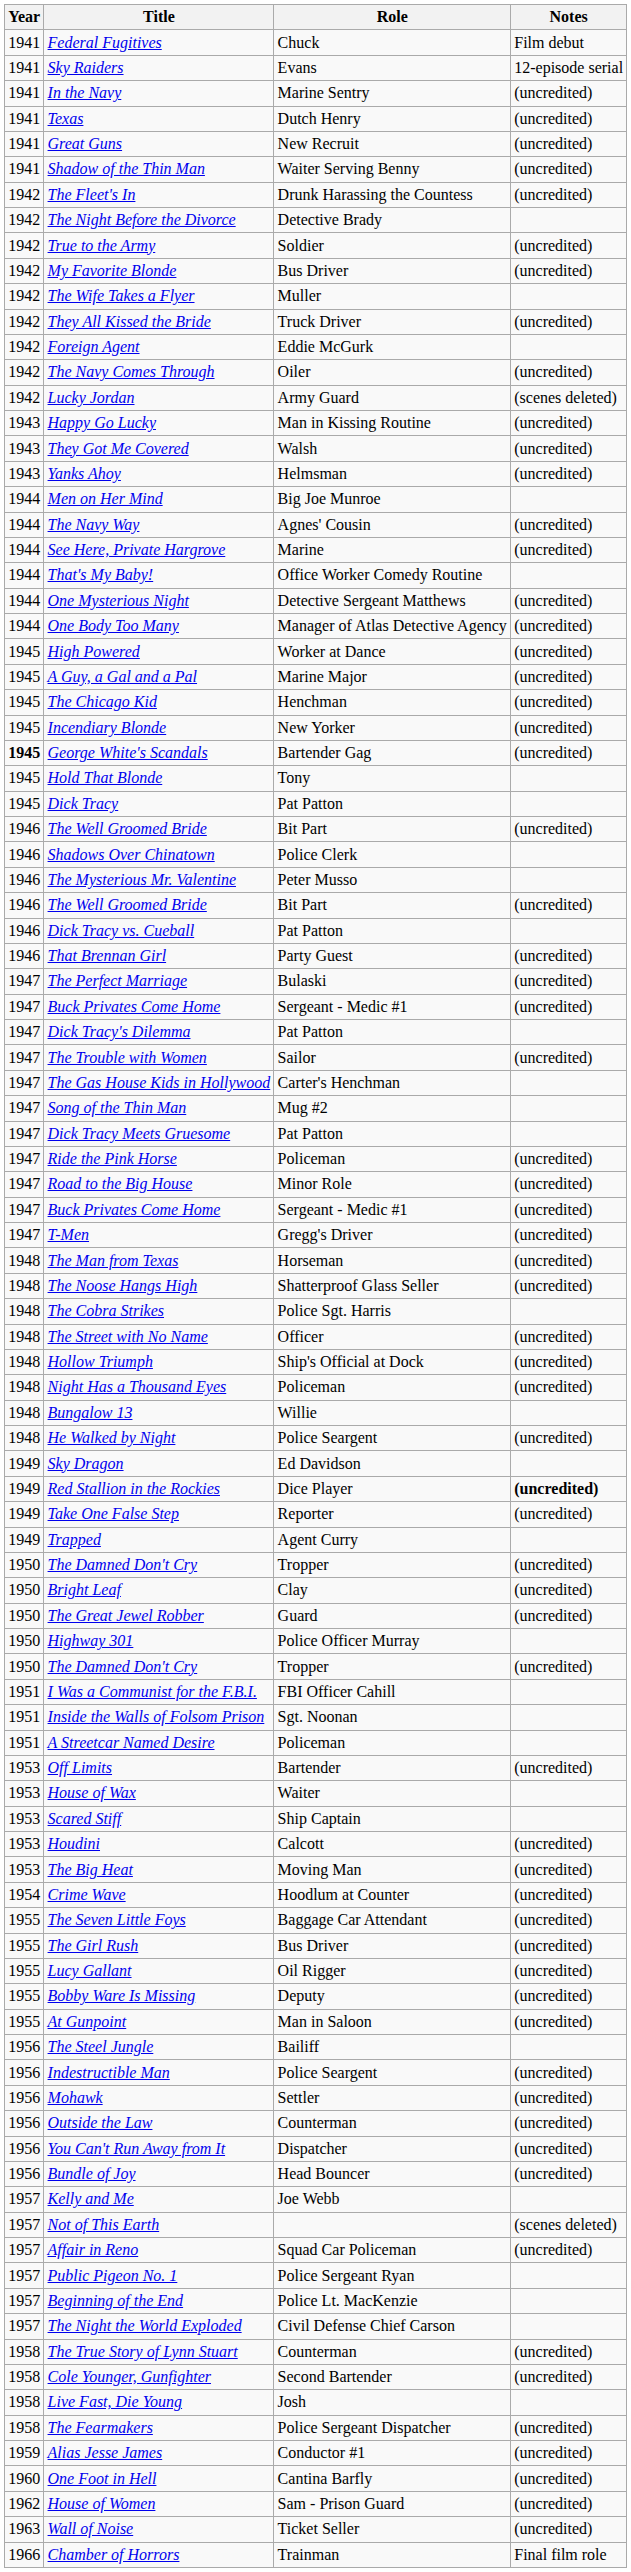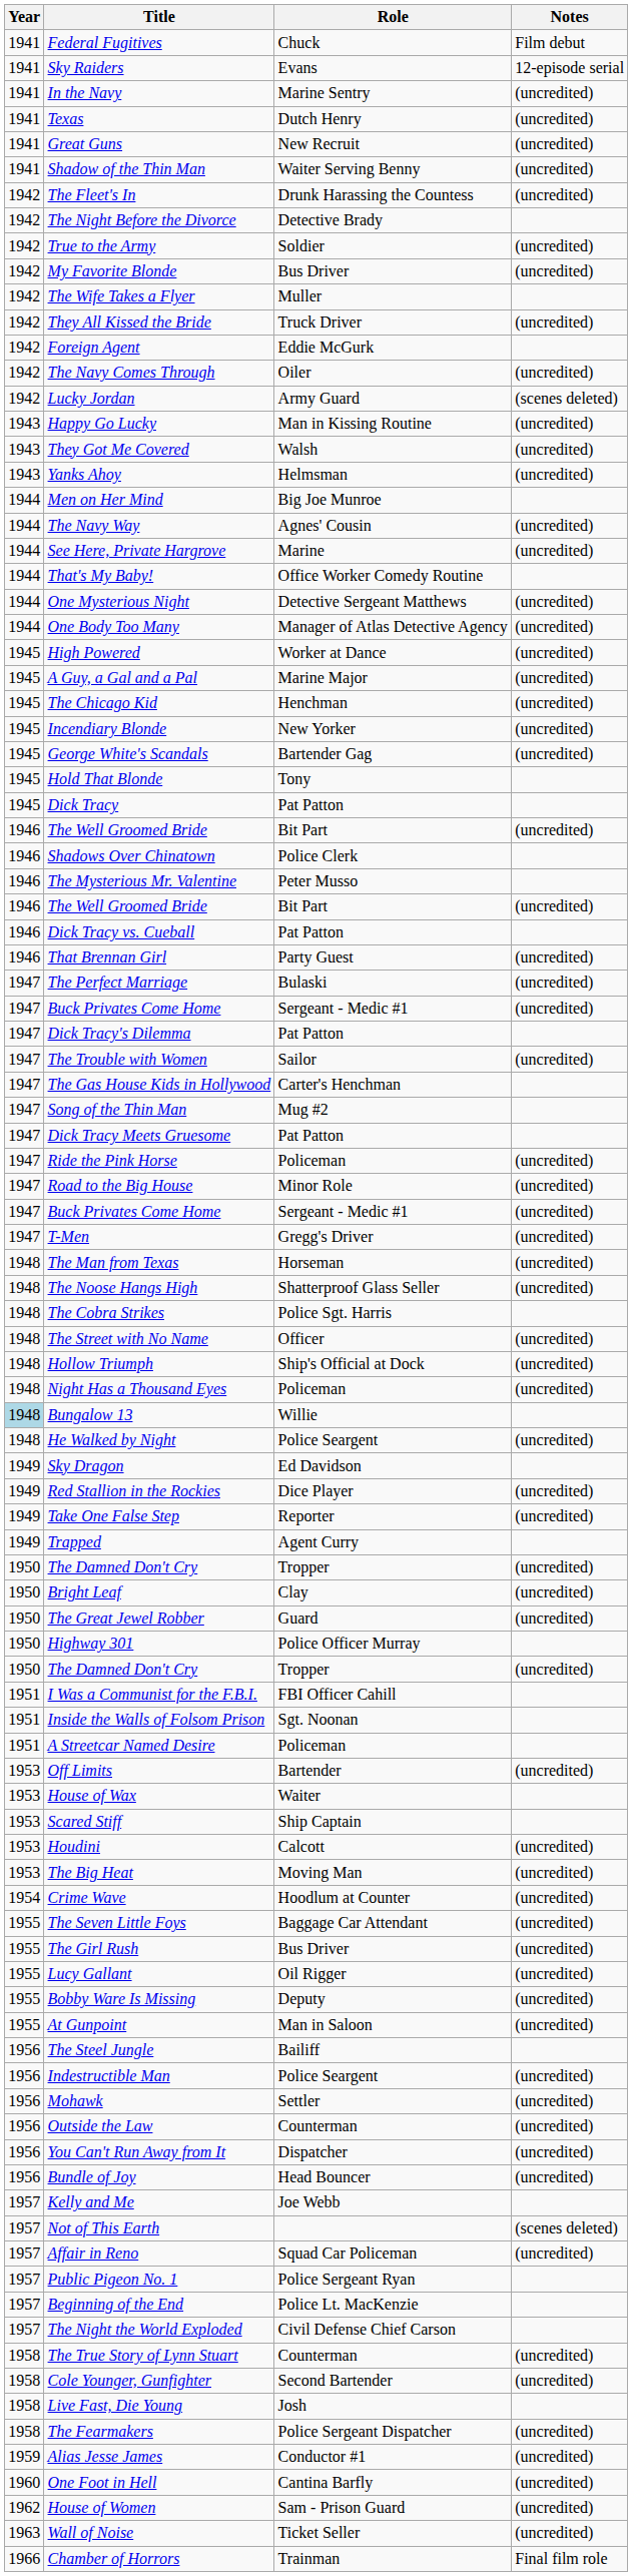 <table class="wikitable sortable">
 <tr>
 <th>Year</th>
 <th>Title</th>
 <th>Role</th>
 <th class="unsortable">Notes</th>
 </tr>
 <tr>
 <td>1941</td>
 <td><em><a href='#'>Federal Fugitives</a></em></td>
 <td>Chuck</td>
 <td>Film debut</td>
 </tr>
 <tr>
 <td>1941</td>
 <td><em><a href='#'>Sky Raiders</a></em></td>
 <td>Evans</td>
 <td>12-episode serial</td>
 </tr>
 <tr>
 <td>1941</td>
 <td><em><a href='#'>In the Navy</a></em></td>
 <td>Marine Sentry</td>
 <td>(uncredited)</td>
 </tr>
 <tr>
 <td>1941</td>
 <td><em><a href='#'>Texas</a></em></td>
 <td>Dutch Henry</td>
 <td>(uncredited)</td>
 </tr>
 <tr>
 <td>1941</td>
 <td><em><a href='#'>Great Guns</a></em></td>
 <td>New Recruit</td>
 <td>(uncredited)</td>
 </tr>
 <tr>
 <td>1941</td>
 <td><em><a href='#'>Shadow of the Thin Man</a></em></td>
 <td>Waiter Serving Benny</td>
 <td>(uncredited)</td>
 </tr>
 <tr>
 <td>1942</td>
 <td><em><a href='#'>The Fleet's In</a></em></td>
 <td>Drunk Harassing the Countess</td>
 <td>(uncredited)</td>
 </tr>
 <tr>
 <td>1942</td>
 <td><em><a href='#'>The Night Before the Divorce</a></em></td>
 <td>Detective Brady</td>
 <td></td>
 </tr>
 <tr>
 <td>1942</td>
 <td><em><a href='#'>True to the Army</a></em></td>
 <td>Soldier</td>
 <td>(uncredited)</td>
 </tr>
 <tr>
 <td>1942</td>
 <td><em><a href='#'>My Favorite Blonde</a></em></td>
 <td>Bus Driver</td>
 <td>(uncredited)</td>
 </tr>
 <tr>
 <td>1942</td>
 <td><em><a href='#'>The Wife Takes a Flyer</a></em></td>
 <td>Muller</td>
 <td></td>
 </tr>
 <tr>
 <td>1942</td>
 <td><em><a href='#'>They All Kissed the Bride</a></em></td>
 <td>Truck Driver</td>
 <td>(uncredited)</td>
 </tr>
 <tr>
 <td>1942</td>
 <td><em><a href='#'>Foreign Agent</a></em></td>
 <td>Eddie McGurk</td>
 <td></td>
 </tr>
 <tr>
 <td>1942</td>
 <td><em><a href='#'>The Navy Comes Through</a></em></td>
 <td>Oiler</td>
 <td>(uncredited)</td>
 </tr>
 <tr>
 <td>1942</td>
 <td><em><a href='#'>Lucky Jordan</a></em></td>
 <td>Army Guard</td>
 <td>(scenes deleted)</td>
 </tr>
 <tr>
 <td>1943</td>
 <td><em><a href='#'>Happy Go Lucky</a></em></td>
 <td>Man in Kissing Routine</td>
 <td>(uncredited)</td>
 </tr>
 <tr>
 <td>1943</td>
 <td><em><a href='#'>They Got Me Covered</a></em></td>
 <td>Walsh</td>
 <td>(uncredited)</td>
 </tr>
 <tr>
 <td>1943</td>
 <td><em><a href='#'>Yanks Ahoy</a></em></td>
 <td>Helmsman</td>
 <td>(uncredited)</td>
 </tr>
 <tr>
 <td>1944</td>
 <td><em><a href='#'>Men on Her Mind</a></em></td>
 <td>Big Joe Munroe</td>
 <td></td>
 </tr>
 <tr>
 <td>1944</td>
 <td><em><a href='#'>The Navy Way</a></em></td>
 <td>Agnes' Cousin</td>
 <td>(uncredited)</td>
 </tr>
 <tr>
 <td>1944</td>
 <td><em><a href='#'>See Here, Private Hargrove</a></em></td>
 <td>Marine</td>
 <td>(uncredited)</td>
 </tr>
 <tr>
 <td>1944</td>
 <td><em><a href='#'>That's My Baby!</a></em></td>
 <td>Office Worker Comedy Routine</td>
 <td></td>
 </tr>
 <tr>
 <td>1944</td>
 <td><em><a href='#'>One Mysterious Night</a></em></td>
 <td>Detective Sergeant Matthews</td>
 <td>(uncredited)</td>
 </tr>
 <tr>
 <td>1944</td>
 <td><em><a href='#'>One Body Too Many</a></em></td>
 <td>Manager of Atlas Detective Agency</td>
 <td>(uncredited)</td>
 </tr>
 <tr>
 <td>1945</td>
 <td><em><a href='#'>High Powered</a></em></td>
 <td>Worker at Dance</td>
 <td>(uncredited)</td>
 </tr>
 <tr>
 <td>1945</td>
 <td><em><a href='#'>A Guy, a Gal and a Pal</a></em></td>
 <td>Marine Major</td>
 <td>(uncredited)</td>
 </tr>
 <tr>
 <td>1945</td>
 <td><em><a href='#'>The Chicago Kid</a></em></td>
 <td>Henchman</td>
 <td>(uncredited)</td>
 </tr>
 <tr>
 <td>1945</td>
 <td><em><a href='#'>Incendiary Blonde</a></em></td>
 <td>New Yorker</td>
 <td>(uncredited)</td>
 </tr>
 <tr>
-<td><strong>1945</strong></td>
+<td>1945</td>
 <td><em><a href='#'>George White's Scandals</a></em></td>
 <td>Bartender Gag</td>
 <td>(uncredited)</td>
 </tr>
 <tr>
 <td>1945</td>
 <td><em><a href='#'>Hold That Blonde</a></em></td>
 <td>Tony</td>
 <td></td>
 </tr>
 <tr>
 <td>1945</td>
 <td><em><a href='#'>Dick Tracy</a></em></td>
 <td>Pat Patton</td>
 <td></td>
 </tr>
 <tr>
 <td>1946</td>
 <td><em><a href='#'>The Well Groomed Bride</a></em></td>
 <td>Bit Part</td>
 <td>(uncredited)</td>
 </tr>
 <tr>
 <td>1946</td>
 <td><em><a href='#'>Shadows Over Chinatown</a></em></td>
 <td>Police Clerk</td>
 <td></td>
 </tr>
 <tr>
 <td>1946</td>
 <td><em><a href='#'>The Mysterious Mr. Valentine</a></em></td>
 <td>Peter Musso</td>
 <td></td>
 </tr>
 <tr>
 <td>1946</td>
 <td><em><a href='#'>The Well Groomed Bride</a></em></td>
 <td>Bit Part</td>
 <td>(uncredited)</td>
 </tr>
 <tr>
 <td>1946</td>
 <td><em><a href='#'>Dick Tracy vs. Cueball</a></em></td>
 <td>Pat Patton</td>
 <td></td>
 </tr>
 <tr>
 <td>1946</td>
 <td><em><a href='#'>That Brennan Girl</a></em></td>
 <td>Party Guest</td>
 <td>(uncredited)</td>
 </tr>
 <tr>
 <td>1947</td>
 <td><em><a href='#'>The Perfect Marriage</a></em></td>
 <td>Bulaski</td>
 <td>(uncredited)</td>
 </tr>
 <tr>
 <td>1947</td>
 <td><em><a href='#'>Buck Privates Come Home</a></em></td>
 <td>Sergeant - Medic #1</td>
 <td>(uncredited)</td>
 </tr>
 <tr>
 <td>1947</td>
 <td><em><a href='#'>Dick Tracy's Dilemma</a></em></td>
 <td>Pat Patton</td>
 <td></td>
 </tr>
 <tr>
 <td>1947</td>
 <td><em><a href='#'>The Trouble with Women</a></em></td>
 <td>Sailor</td>
 <td>(uncredited)</td>
 </tr>
 <tr>
 <td>1947</td>
 <td><em><a href='#'>The Gas House Kids in Hollywood</a></em></td>
 <td>Carter's Henchman</td>
 <td></td>
 </tr>
 <tr>
 <td>1947</td>
 <td><em><a href='#'>Song of the Thin Man</a></em></td>
 <td>Mug #2</td>
 <td></td>
 </tr>
 <tr>
 <td>1947</td>
 <td><em><a href='#'>Dick Tracy Meets Gruesome</a></em></td>
 <td>Pat Patton</td>
 <td></td>
 </tr>
 <tr>
 <td>1947</td>
 <td><em><a href='#'>Ride the Pink Horse</a></em></td>
 <td>Policeman</td>
 <td>(uncredited)</td>
 </tr>
 <tr>
 <td>1947</td>
 <td><em><a href='#'>Road to the Big House</a></em></td>
 <td>Minor Role</td>
 <td>(uncredited)</td>
 </tr>
 <tr>
 <td>1947</td>
 <td><em><a href='#'>Buck Privates Come Home</a></em></td>
 <td>Sergeant - Medic #1</td>
 <td>(uncredited)</td>
 </tr>
 <tr>
 <td>1947</td>
 <td><em><a href='#'>T-Men</a></em></td>
 <td>Gregg's Driver</td>
 <td>(uncredited)</td>
 </tr>
 <tr>
 <td>1948</td>
 <td><em><a href='#'>The Man from Texas</a></em></td>
 <td>Horseman</td>
 <td>(uncredited)</td>
 </tr>
 <tr>
 <td>1948</td>
 <td><em><a href='#'>The Noose Hangs High</a></em></td>
 <td>Shatterproof Glass Seller</td>
 <td>(uncredited)</td>
 </tr>
 <tr>
 <td>1948</td>
 <td><em><a href='#'>The Cobra Strikes</a></em></td>
 <td>Police Sgt. Harris</td>
 <td></td>
 </tr>
 <tr>
 <td>1948</td>
 <td><em><a href='#'>The Street with No Name</a></em></td>
 <td>Officer</td>
 <td>(uncredited)</td>
 </tr>
 <tr>
 <td>1948</td>
 <td><em><a href='#'>Hollow Triumph</a></em></td>
 <td>Ship's Official at Dock</td>
 <td>(uncredited)</td>
 </tr>
 <tr>
 <td>1948</td>
 <td><em><a href='#'>Night Has a Thousand Eyes</a></em></td>
 <td>Policeman</td>
 <td>(uncredited)</td>
 </tr>
 <tr>
-<td>1948</td>
+<td style="background: lightblue;">1948</td>
 <td><em><a href='#'>Bungalow 13</a></em></td>
 <td>Willie</td>
 <td></td>
 </tr>
 <tr>
 <td>1948</td>
 <td><em><a href='#'>He Walked by Night</a></em></td>
 <td>Police Seargent</td>
 <td>(uncredited)</td>
 </tr>
 <tr>
 <td>1949</td>
 <td><em><a href='#'>Sky Dragon</a></em></td>
 <td>Ed Davidson</td>
 <td></td>
 </tr>
 <tr>
 <td>1949</td>
 <td><em><a href='#'>Red Stallion in the Rockies</a></em></td>
 <td>Dice Player</td>
-<td><strong>(uncredited)</strong></td>
+<td>(uncredited)</td>
 </tr>
 <tr>
 <td>1949</td>
 <td><em><a href='#'>Take One False Step</a></em></td>
 <td>Reporter</td>
 <td>(uncredited)</td>
 </tr>
 <tr>
 <td>1949</td>
 <td><em><a href='#'>Trapped</a></em></td>
 <td>Agent Curry</td>
 <td></td>
 </tr>
 <tr>
 <td>1950</td>
 <td><em><a href='#'>The Damned Don't Cry</a></em></td>
 <td>Tropper</td>
 <td>(uncredited)</td>
 </tr>
 <tr>
 <td>1950</td>
 <td><em><a href='#'>Bright Leaf</a></em></td>
 <td>Clay</td>
 <td>(uncredited)</td>
 </tr>
 <tr>
 <td>1950</td>
 <td><em><a href='#'>The Great Jewel Robber</a></em></td>
 <td>Guard</td>
 <td>(uncredited)</td>
 </tr>
 <tr>
 <td>1950</td>
 <td><em><a href='#'>Highway 301</a></em></td>
 <td>Police Officer Murray</td>
 <td></td>
 </tr>
 <tr>
 <td>1950</td>
 <td><em><a href='#'>The Damned Don't Cry</a></em></td>
 <td>Tropper</td>
 <td>(uncredited)</td>
 </tr>
 <tr>
 <td>1951</td>
 <td><em><a href='#'>I Was a Communist for the F.B.I.</a></em></td>
 <td>FBI Officer Cahill</td>
 <td></td>
 </tr>
 <tr>
 <td>1951</td>
 <td><em><a href='#'>Inside the Walls of Folsom Prison</a></em></td>
 <td>Sgt. Noonan</td>
 <td></td>
 </tr>
 <tr>
 <td>1951</td>
 <td><em><a href='#'>A Streetcar Named Desire</a></em></td>
 <td>Policeman</td>
 <td></td>
 </tr>
 <tr>
 <td>1953</td>
 <td><em><a href='#'>Off Limits</a></em></td>
 <td>Bartender</td>
 <td>(uncredited)</td>
 </tr>
 <tr>
 <td>1953</td>
 <td><em><a href='#'>House of Wax</a></em></td>
 <td>Waiter</td>
 <td></td>
 </tr>
 <tr>
 <td>1953</td>
 <td><em><a href='#'>Scared Stiff</a></em></td>
 <td>Ship Captain</td>
 <td></td>
 </tr>
 <tr>
 <td>1953</td>
 <td><em><a href='#'>Houdini</a></em></td>
 <td>Calcott</td>
 <td>(uncredited)</td>
 </tr>
 <tr>
 <td>1953</td>
 <td><em><a href='#'>The Big Heat</a></em></td>
 <td>Moving Man</td>
 <td>(uncredited)</td>
 </tr>
 <tr>
 <td>1954</td>
 <td><em><a href='#'>Crime Wave</a></em></td>
 <td>Hoodlum at Counter</td>
 <td>(uncredited)</td>
 </tr>
 <tr>
 <td>1955</td>
 <td><em><a href='#'>The Seven Little Foys</a></em></td>
 <td>Baggage Car Attendant</td>
 <td>(uncredited)</td>
 </tr>
 <tr>
 <td>1955</td>
 <td><em><a href='#'>The Girl Rush</a></em></td>
 <td>Bus Driver</td>
 <td>(uncredited)</td>
 </tr>
 <tr>
 <td>1955</td>
 <td><em><a href='#'>Lucy Gallant</a></em></td>
 <td>Oil Rigger</td>
 <td>(uncredited)</td>
 </tr>
 <tr>
 <td>1955</td>
 <td><em><a href='#'>Bobby Ware Is Missing</a></em></td>
 <td>Deputy</td>
 <td>(uncredited)</td>
 </tr>
 <tr>
 <td>1955</td>
 <td><em><a href='#'>At Gunpoint</a></em></td>
 <td>Man in Saloon</td>
 <td>(uncredited)</td>
 </tr>
 <tr>
 <td>1956</td>
 <td><em><a href='#'>The Steel Jungle</a></em></td>
 <td>Bailiff</td>
 <td></td>
 </tr>
 <tr>
 <td>1956</td>
 <td><em><a href='#'>Indestructible Man</a></em></td>
 <td>Police Seargent</td>
 <td>(uncredited)</td>
 </tr>
 <tr>
 <td>1956</td>
 <td><em><a href='#'>Mohawk</a></em></td>
 <td>Settler</td>
 <td>(uncredited)</td>
 </tr>
 <tr>
 <td>1956</td>
 <td><em><a href='#'>Outside the Law</a></em></td>
 <td>Counterman</td>
 <td>(uncredited)</td>
 </tr>
 <tr>
 <td>1956</td>
 <td><em><a href='#'>You Can't Run Away from It</a></em></td>
 <td>Dispatcher</td>
 <td>(uncredited)</td>
 </tr>
 <tr>
 <td>1956</td>
 <td><em><a href='#'>Bundle of Joy</a></em></td>
 <td>Head Bouncer</td>
 <td>(uncredited)</td>
 </tr>
 <tr>
 <td>1957</td>
 <td><em><a href='#'>Kelly and Me</a></em></td>
 <td>Joe Webb</td>
 <td></td>
 </tr>
 <tr>
 <td>1957</td>
 <td><em><a href='#'>Not of This Earth</a></em></td>
 <td></td>
 <td>(scenes deleted)</td>
 </tr>
 <tr>
 <td>1957</td>
 <td><em><a href='#'>Affair in Reno</a></em></td>
 <td>Squad Car Policeman</td>
 <td>(uncredited)</td>
 </tr>
 <tr>
 <td>1957</td>
 <td><em><a href='#'>Public Pigeon No. 1</a></em></td>
 <td>Police Sergeant Ryan</td>
 <td></td>
 </tr>
 <tr>
 <td>1957</td>
 <td><em><a href='#'>Beginning of the End</a></em></td>
 <td>Police Lt. MacKenzie</td>
 <td></td>
 </tr>
 <tr>
 <td>1957</td>
 <td><em><a href='#'>The Night the World Exploded</a></em></td>
 <td>Civil Defense Chief Carson</td>
 <td></td>
 </tr>
 <tr>
 <td>1958</td>
 <td><em><a href='#'>The True Story of Lynn Stuart</a></em></td>
 <td>Counterman</td>
 <td>(uncredited)</td>
 </tr>
 <tr>
 <td>1958</td>
 <td><em><a href='#'>Cole Younger, Gunfighter</a></em></td>
 <td>Second Bartender</td>
 <td>(uncredited)</td>
 </tr>
 <tr>
 <td>1958</td>
 <td><em><a href='#'>Live Fast, Die Young</a></em></td>
 <td>Josh</td>
 <td></td>
 </tr>
 <tr>
 <td>1958</td>
 <td><em><a href='#'>The Fearmakers</a></em></td>
 <td>Police Sergeant Dispatcher</td>
 <td>(uncredited)</td>
 </tr>
 <tr>
 <td>1959</td>
 <td><em><a href='#'>Alias Jesse James</a></em></td>
 <td>Conductor #1</td>
 <td>(uncredited)</td>
 </tr>
 <tr>
 <td>1960</td>
 <td><em><a href='#'>One Foot in Hell</a></em></td>
 <td>Cantina Barfly</td>
 <td>(uncredited)</td>
 </tr>
 <tr>
 <td>1962</td>
 <td><em><a href='#'>House of Women</a></em></td>
 <td>Sam - Prison Guard</td>
 <td>(uncredited)</td>
 </tr>
 <tr>
 <td>1963</td>
 <td><em><a href='#'>Wall of Noise</a></em></td>
 <td>Ticket Seller</td>
 <td>(uncredited)</td>
 </tr>
 <tr>
 <td>1966</td>
 <td><em><a href='#'>Chamber of Horrors</a></em></td>
 <td>Trainman</td>
 <td>Final film role</td>
 </tr>
 </table>
